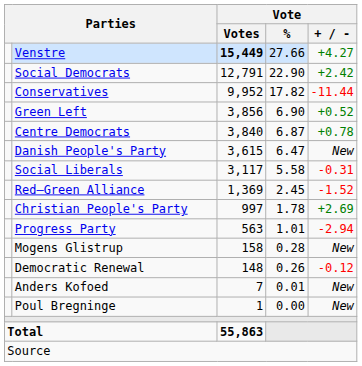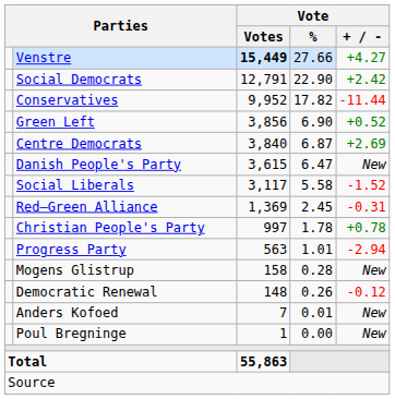 <table class="wikitable" style="text-align:right;">
 <tr>
 <th style="text-align:centre;" rowspan="2" colspan="2" width="225">Parties</th>
 <th colspan="3">Vote</th>
 </tr>
 <tr>
 <th width="15">Votes</th>
 <th width="15">%</th>
 <th width="15">+ / -</th>
 </tr>
 <tr>
 <td width="2" style="color:inherit;background:"></td>
 <td bgcolor=#cfe5fe  align="left"><a href='#'>Venstre</a></td>
 <td bgcolor=#cfe5fe><strong>15,449</strong></td>
 <td bgcolor=#cfe5fe>27.66</td>
 <td style=color:green;>+4.27</td>
 </tr>
 <tr>
 <td width="2" style="color:inherit;background:"></td>
 <td align="left"><a href='#'>Social Democrats</a></td>
 <td>12,791</td>
 <td>22.90</td>
 <td style=color:green;>+2.42</td>
 </tr>
 <tr>
 <td width="2" style="color:inherit;background:"></td>
 <td align="left"><a href='#'>Conservatives</a></td>
 <td>9,952</td>
 <td>17.82</td>
 <td style=color:red;>-11.44</td>
 </tr>
 <tr>
 <td width="2" style="color:inherit;background:"></td>
 <td align="left"><a href='#'>Green Left</a></td>
 <td>3,856</td>
 <td>6.90</td>
 <td style=color:green;>+0.52</td>
 </tr>
 <tr>
 <td width="2" style="color:inherit;background:"></td>
 <td align="left"><a href='#'>Centre Democrats</a></td>
 <td>3,840</td>
 <td>6.87</td>
-<td style=color:green;>+0.78</td>
+<td style=color:green;>+2.69</td>
 </tr>
 <tr>
 <td width="2" style="color:inherit;background:"></td>
 <td align="left"><a href='#'>Danish People's Party</a></td>
 <td>3,615</td>
 <td>6.47</td>
 <td><em>New</em></td>
 </tr>
 <tr>
 <td width="2" style="color:inherit;background:"></td>
 <td align="left"><a href='#'>Social Liberals</a></td>
 <td>3,117</td>
 <td>5.58</td>
-<td style=color:red;>-0.31</td>
+<td style=color:red;>-1.52</td>
 </tr>
 <tr>
 <td width="2" style="color:inherit;background:"></td>
 <td align="left"><a href='#'>Red–Green Alliance</a></td>
 <td>1,369</td>
 <td>2.45</td>
-<td style=color:red;>-1.52</td>
+<td style=color:red;>-0.31</td>
 </tr>
 <tr>
 <td width="2" style="color:inherit;background:"></td>
 <td align="left"><a href='#'>Christian People's Party</a></td>
 <td>997</td>
 <td>1.78</td>
-<td style=color:green;>+2.69</td>
+<td style=color:green;>+0.78</td>
 </tr>
 <tr>
 <td width="2" style="color:inherit;background:"></td>
 <td align="left"><a href='#'>Progress Party</a></td>
 <td>563</td>
 <td>1.01</td>
 <td style=color:red;>-2.94</td>
 </tr>
 <tr>
 <td width="2" style="color:inherit;background:"></td>
 <td align="left">Mogens Glistrup</td>
 <td>158</td>
 <td>0.28</td>
 <td><em>New</em></td>
 </tr>
 <tr>
 <td width="2" style="color:inherit;background:"></td>
 <td align="left">Democratic Renewal</td>
 <td>148</td>
 <td>0.26</td>
 <td style=color:red;>-0.12</td>
 </tr>
 <tr>
 <td width="2" style="color:inherit;background:"></td>
 <td align="left">Anders Kofoed</td>
 <td>7</td>
 <td>0.01</td>
 <td><em>New</em></td>
 </tr>
 <tr>
 <td width="2" style="color:inherit;background:"></td>
 <td align="left">Poul Bregninge</td>
 <td>1</td>
 <td>0.00</td>
 <td><em>New</em></td>
 </tr>
 <tr>
 <td colspan="7" bgcolor="#E9E9E9"></td>
 </tr>
 <tr>
 <td align="left" colspan="2"><strong>Total</strong></td>
 <td><strong>55,863</strong></td>
 <td bgcolor="#E9E9E9" colspan="2"></td>
 </tr>
 <tr>
 <td align="left" colspan="6">Source</td>
 </tr>
 </table>
